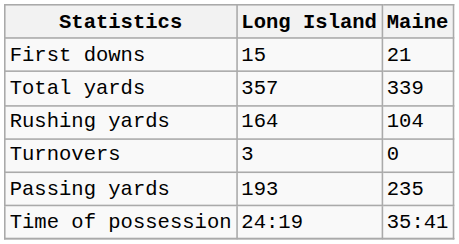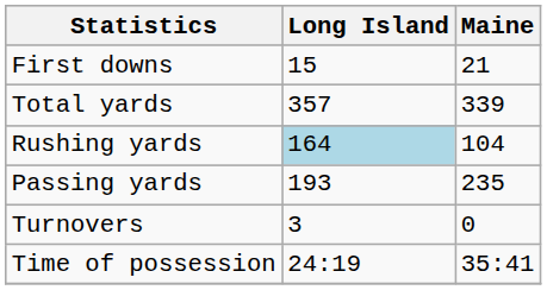 <table class="wikitable">
 <tr>
 <th>Statistics</th>
 <th>Long Island</th>
 <th>Maine</th>
 </tr>
 <tr>
 <td>First downs</td>
 <td>15</td>
 <td>21</td>
 </tr>
 <tr>
 <td>Total yards</td>
 <td>357</td>
 <td>339</td>
 </tr>
 <tr>
 <td>Rushing yards</td>
-<td>164</td>
+<td style="background: lightblue;">164</td>
 <td>104</td>
+</tr>
+<tr>
+<td>Passing yards</td>
+<td>193</td>
+<td>235</td>
 </tr>
 <tr>
 <td>Turnovers</td>
 <td>3</td>
 <td>0</td>
-</tr>
-<tr>
-<td>Passing yards</td>
-<td>193</td>
-<td>235</td>
 </tr>
 <tr>
 <td>Time of possession</td>
 <td>24:19</td>
 <td>35:41</td>
 </tr>
 <tr>
 </tr>
 </table>
